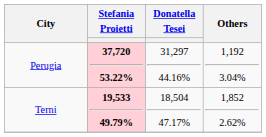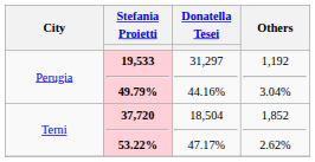 <table class="wikitable" style="text-align:center;font-size:90%;line-height:20px">
 <tr style="height:30px; background-color:#E9E9E9">
 <th style="width:110px;" rowspan="2">City</th>
 <th style="width:75px;"><a href='#'>Stefania Proietti</a></th>
 <th style="width:75px;"><a href='#'>Donatella Tesei</a></th>
 <th rowspan="2" style="width:75px;">Others</th>
 </tr>
 <tr>
 <th style="background:"></th>
 <th style="background:"></th>
 </tr>
 <tr>
 <td><a href='#'>Perugia</a></td>
-<td style="background:#FFD0D7"><strong>37,720 <hr>53.22%</strong></td>
+<td style="background:#FFD0D7"><strong>19,533 <hr>49.79%</strong></td>
 <td>31,297 <hr>44.16%</td>
 <td>1,192 <hr>3.04%</td>
 </tr>
 <tr>
 <td><a href='#'>Terni</a></td>
-<td style="background:#FFD0D7"><strong>19,533 <hr>49.79%</strong></td>
+<td style="background:#FFD0D7"><strong>37,720 <hr>53.22%</strong></td>
 <td>18,504 <hr>47.17%</td>
 <td>1,852 <hr>2.62%</td>
 </tr>
 <tr>
 </tr>
 </table>
